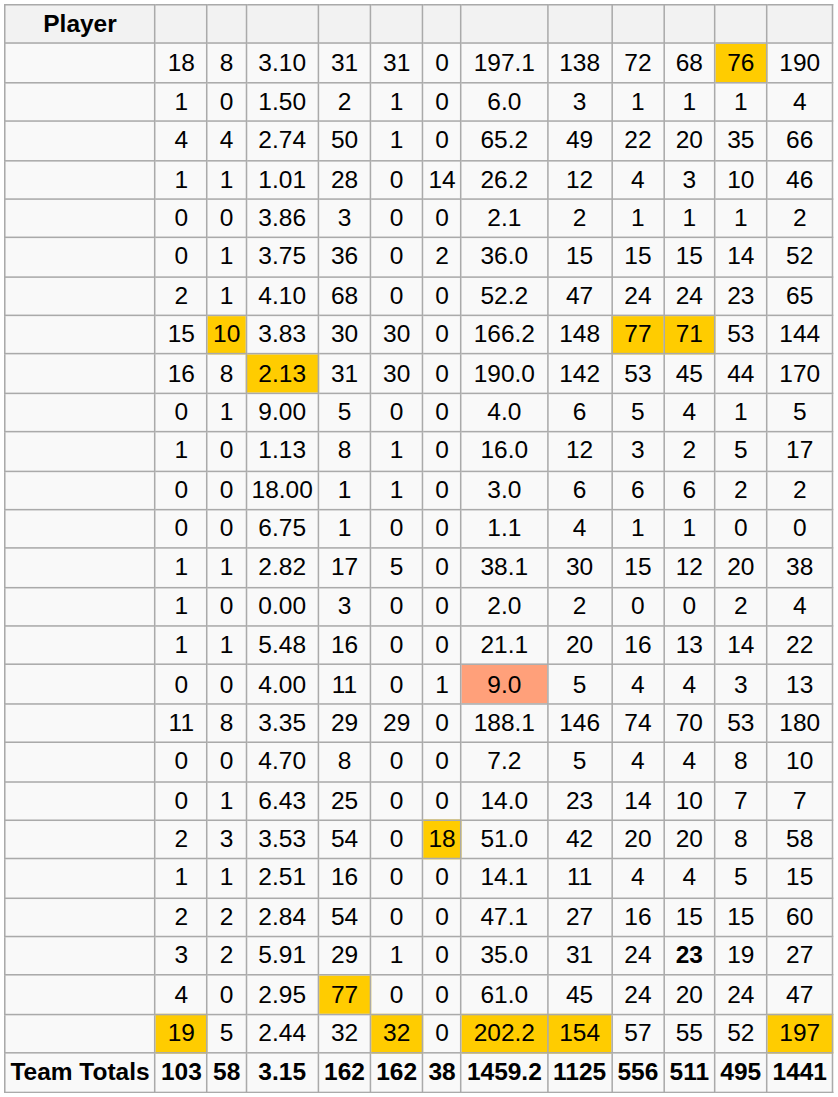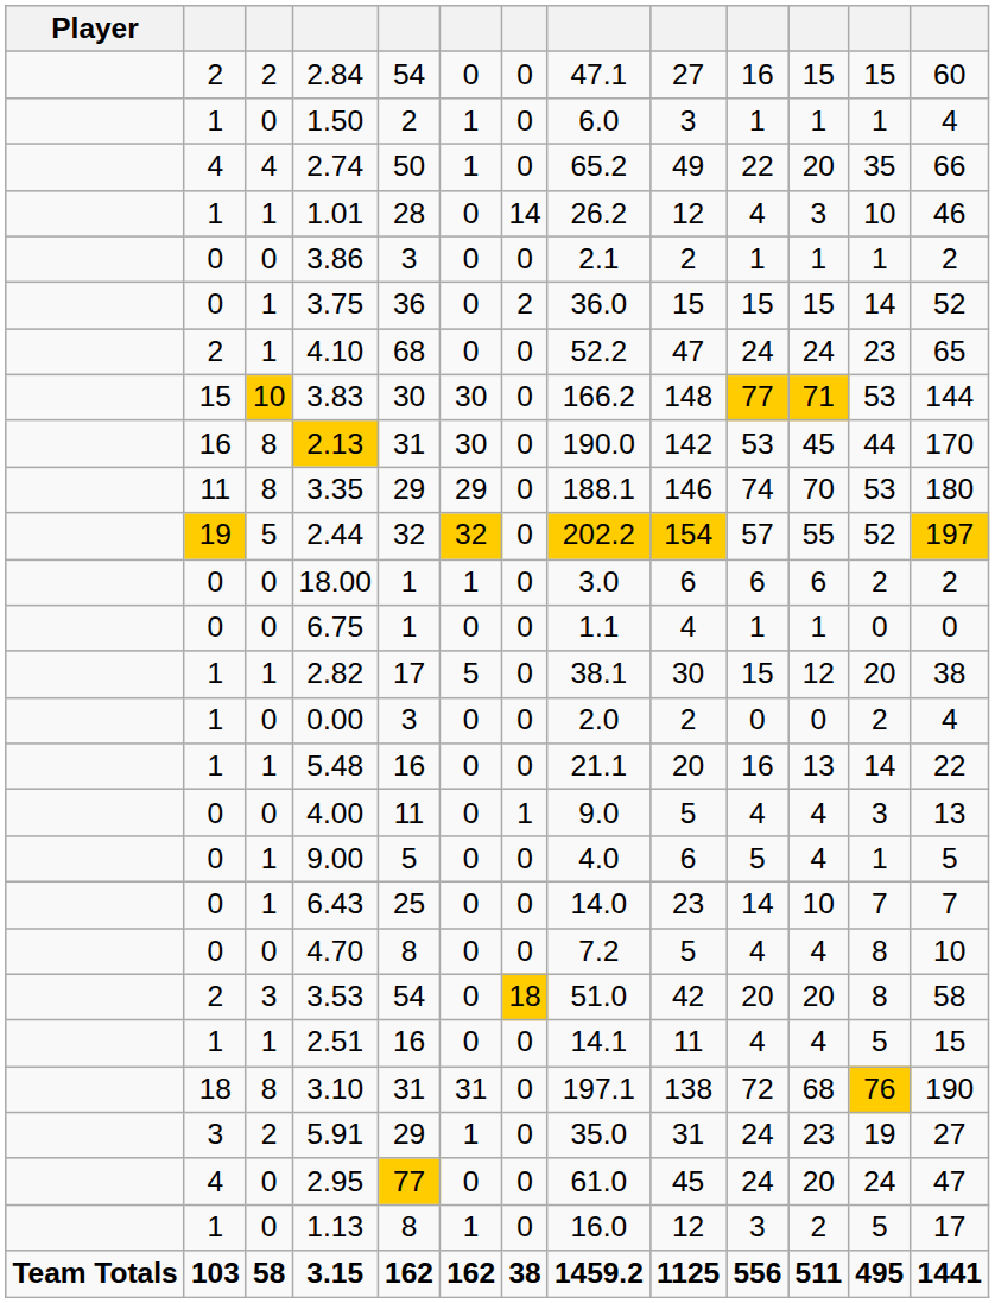 <table class="wikitable sortable" style="text-align:center;">
 <tr>
 <th>Player</th>
 <th></th>
 <th></th>
 <th></th>
 <th></th>
 <th></th>
 <th></th>
 <th></th>
 <th></th>
 <th></th>
 <th></th>
 <th></th>
 <th></th>
 </tr>
 <tr>
 <td align=left></td>
-<td>18</td>
-<td>8</td>
-<td>3.10</td>
-<td>31</td>
-<td>31</td>
+<td>2</td>
+<td>2</td>
+<td>2.84</td>
+<td>54</td>
 <td>0</td>
-<td>197.1</td>
-<td>138</td>
-<td>72</td>
-<td>68</td>
-<td bgcolor=#ffcc00>76</td>
-<td>190</td>
+<td>0</td>
+<td>47.1</td>
+<td>27</td>
+<td>16</td>
+<td>15</td>
+<td>15</td>
+<td>60</td>
 </tr>
 <tr>
 <td align=left></td>
 <td>1</td>
 <td>0</td>
 <td>1.50</td>
 <td>2</td>
 <td>1</td>
 <td>0</td>
 <td>6.0</td>
 <td>3</td>
 <td>1</td>
 <td>1</td>
 <td>1</td>
 <td>4</td>
 </tr>
 <tr>
 <td align=left></td>
 <td>4</td>
 <td>4</td>
 <td>2.74</td>
 <td>50</td>
 <td>1</td>
 <td>0</td>
 <td>65.2</td>
 <td>49</td>
 <td>22</td>
 <td>20</td>
 <td>35</td>
 <td>66</td>
 </tr>
 <tr>
 <td align=left></td>
 <td>1</td>
 <td>1</td>
 <td>1.01</td>
 <td>28</td>
 <td>0</td>
 <td>14</td>
 <td>26.2</td>
 <td>12</td>
 <td>4</td>
 <td>3</td>
 <td>10</td>
 <td>46</td>
 </tr>
 <tr>
 <td align=left></td>
 <td>0</td>
 <td>0</td>
 <td>3.86</td>
 <td>3</td>
 <td>0</td>
 <td>0</td>
 <td>2.1</td>
 <td>2</td>
 <td>1</td>
 <td>1</td>
 <td>1</td>
 <td>2</td>
 </tr>
 <tr>
 <td align=left></td>
 <td>0</td>
 <td>1</td>
 <td>3.75</td>
 <td>36</td>
 <td>0</td>
 <td>2</td>
 <td>36.0</td>
 <td>15</td>
 <td>15</td>
 <td>15</td>
 <td>14</td>
 <td>52</td>
 </tr>
 <tr>
 <td align=left></td>
 <td>2</td>
 <td>1</td>
 <td>4.10</td>
 <td>68</td>
 <td>0</td>
 <td>0</td>
 <td>52.2</td>
 <td>47</td>
 <td>24</td>
 <td>24</td>
 <td>23</td>
 <td>65</td>
 </tr>
 <tr>
 <td align=left></td>
 <td>15</td>
 <td bgcolor=#ffcc00>10</td>
 <td>3.83</td>
 <td>30</td>
 <td>30</td>
 <td>0</td>
 <td>166.2</td>
 <td>148</td>
 <td bgcolor=#ffcc00>77</td>
 <td bgcolor=#ffcc00>71</td>
 <td>53</td>
 <td>144</td>
 </tr>
 <tr>
 <td align=left></td>
 <td>16</td>
 <td>8</td>
 <td bgcolor=#ffcc00>2.13</td>
 <td>31</td>
 <td>30</td>
 <td>0</td>
 <td>190.0</td>
 <td>142</td>
 <td>53</td>
 <td>45</td>
 <td>44</td>
 <td>170</td>
 </tr>
 <tr>
 <td align=left></td>
+<td>11</td>
+<td>8</td>
+<td>3.35</td>
+<td>29</td>
+<td>29</td>
 <td>0</td>
-<td>1</td>
-<td>9.00</td>
-<td>5</td>
-<td>0</td>
-<td>0</td>
-<td>4.0</td>
-<td>6</td>
-<td>5</td>
-<td>4</td>
-<td>1</td>
-<td>5</td>
+<td>188.1</td>
+<td>146</td>
+<td>74</td>
+<td>70</td>
+<td>53</td>
+<td>180</td>
 </tr>
 <tr>
 <td align=left></td>
-<td>1</td>
+<td bgcolor=#ffcc00>19</td>
+<td>5</td>
+<td>2.44</td>
+<td>32</td>
+<td bgcolor=#ffcc00>32</td>
 <td>0</td>
-<td>1.13</td>
-<td>8</td>
-<td>1</td>
-<td>0</td>
-<td>16.0</td>
-<td>12</td>
-<td>3</td>
-<td>2</td>
-<td>5</td>
-<td>17</td>
+<td bgcolor=#ffcc00>202.2</td>
+<td bgcolor=#ffcc00>154</td>
+<td>57</td>
+<td>55</td>
+<td>52</td>
+<td bgcolor=#ffcc00>197</td>
 </tr>
 <tr>
 <td align=left></td>
 <td>0</td>
 <td>0</td>
 <td>18.00</td>
 <td>1</td>
 <td>1</td>
 <td>0</td>
 <td>3.0</td>
 <td>6</td>
 <td>6</td>
 <td>6</td>
 <td>2</td>
 <td>2</td>
 </tr>
 <tr>
 <td align=left></td>
 <td>0</td>
 <td>0</td>
 <td>6.75</td>
 <td>1</td>
 <td>0</td>
 <td>0</td>
 <td>1.1</td>
 <td>4</td>
 <td>1</td>
 <td>1</td>
 <td>0</td>
 <td>0</td>
 </tr>
 <tr>
 <td align=left></td>
 <td>1</td>
 <td>1</td>
 <td>2.82</td>
 <td>17</td>
 <td>5</td>
 <td>0</td>
 <td>38.1</td>
 <td>30</td>
 <td>15</td>
 <td>12</td>
 <td>20</td>
 <td>38</td>
 </tr>
 <tr>
 <td align=left></td>
 <td>1</td>
 <td>0</td>
 <td>0.00</td>
 <td>3</td>
 <td>0</td>
 <td>0</td>
 <td>2.0</td>
 <td>2</td>
 <td>0</td>
 <td>0</td>
 <td>2</td>
 <td>4</td>
 </tr>
 <tr>
 <td align=left></td>
 <td>1</td>
 <td>1</td>
 <td>5.48</td>
 <td>16</td>
 <td>0</td>
 <td>0</td>
 <td>21.1</td>
 <td>20</td>
 <td>16</td>
 <td>13</td>
 <td>14</td>
 <td>22</td>
 </tr>
 <tr>
 <td align=left></td>
 <td>0</td>
 <td>0</td>
 <td>4.00</td>
 <td>11</td>
 <td>0</td>
 <td>1</td>
-<td style="background: lightsalmon;">9.0</td>
+<td>9.0</td>
 <td>5</td>
 <td>4</td>
 <td>4</td>
 <td>3</td>
 <td>13</td>
 </tr>
 <tr>
 <td align=left></td>
-<td>11</td>
-<td>8</td>
-<td>3.35</td>
-<td>29</td>
-<td>29</td>
 <td>0</td>
-<td>188.1</td>
-<td>146</td>
-<td>74</td>
-<td>70</td>
-<td>53</td>
-<td>180</td>
+<td>1</td>
+<td>9.00</td>
+<td>5</td>
+<td>0</td>
+<td>0</td>
+<td>4.0</td>
+<td>6</td>
+<td>5</td>
+<td>4</td>
+<td>1</td>
+<td>5</td>
+</tr>
+<tr>
+<td align=left></td>
+<td>0</td>
+<td>1</td>
+<td>6.43</td>
+<td>25</td>
+<td>0</td>
+<td>0</td>
+<td>14.0</td>
+<td>23</td>
+<td>14</td>
+<td>10</td>
+<td>7</td>
+<td>7</td>
 </tr>
 <tr>
 <td align=left></td>
 <td>0</td>
 <td>0</td>
 <td>4.70</td>
 <td>8</td>
 <td>0</td>
 <td>0</td>
 <td>7.2</td>
 <td>5</td>
 <td>4</td>
 <td>4</td>
 <td>8</td>
 <td>10</td>
-</tr>
-<tr>
-<td align=left></td>
-<td>0</td>
-<td>1</td>
-<td>6.43</td>
-<td>25</td>
-<td>0</td>
-<td>0</td>
-<td>14.0</td>
-<td>23</td>
-<td>14</td>
-<td>10</td>
-<td>7</td>
-<td>7</td>
 </tr>
 <tr>
 <td align=left></td>
 <td>2</td>
 <td>3</td>
 <td>3.53</td>
 <td>54</td>
 <td>0</td>
 <td bgcolor=#ffcc00>18</td>
 <td>51.0</td>
 <td>42</td>
 <td>20</td>
 <td>20</td>
 <td>8</td>
 <td>58</td>
 </tr>
 <tr>
 <td align=left></td>
 <td>1</td>
 <td>1</td>
 <td>2.51</td>
 <td>16</td>
 <td>0</td>
 <td>0</td>
 <td>14.1</td>
 <td>11</td>
 <td>4</td>
 <td>4</td>
 <td>5</td>
 <td>15</td>
 </tr>
 <tr>
 <td align=left></td>
-<td>2</td>
-<td>2</td>
-<td>2.84</td>
-<td>54</td>
+<td>18</td>
+<td>8</td>
+<td>3.10</td>
+<td>31</td>
+<td>31</td>
 <td>0</td>
-<td>0</td>
-<td>47.1</td>
-<td>27</td>
-<td>16</td>
-<td>15</td>
-<td>15</td>
-<td>60</td>
+<td>197.1</td>
+<td>138</td>
+<td>72</td>
+<td>68</td>
+<td bgcolor=#ffcc00>76</td>
+<td>190</td>
 </tr>
 <tr>
 <td align=left></td>
 <td>3</td>
 <td>2</td>
 <td>5.91</td>
 <td>29</td>
 <td>1</td>
 <td>0</td>
 <td>35.0</td>
 <td>31</td>
 <td>24</td>
-<td><strong>23</strong></td>
+<td>23</td>
 <td>19</td>
 <td>27</td>
 </tr>
 <tr>
 <td align=left></td>
 <td>4</td>
 <td>0</td>
 <td>2.95</td>
 <td bgcolor=#ffcc00>77</td>
 <td>0</td>
 <td>0</td>
 <td>61.0</td>
 <td>45</td>
 <td>24</td>
 <td>20</td>
 <td>24</td>
 <td>47</td>
 </tr>
 <tr>
 <td align=left></td>
-<td bgcolor=#ffcc00>19</td>
+<td>1</td>
+<td>0</td>
+<td>1.13</td>
+<td>8</td>
+<td>1</td>
+<td>0</td>
+<td>16.0</td>
+<td>12</td>
+<td>3</td>
+<td>2</td>
 <td>5</td>
-<td>2.44</td>
-<td>32</td>
-<td bgcolor=#ffcc00>32</td>
-<td>0</td>
-<td bgcolor=#ffcc00>202.2</td>
-<td bgcolor=#ffcc00>154</td>
-<td>57</td>
-<td>55</td>
-<td>52</td>
-<td bgcolor=#ffcc00>197</td>
+<td>17</td>
 </tr>
 <tr>
 <td align=left><strong>Team Totals</strong></td>
 <td><strong>103</strong></td>
 <td><strong>58</strong></td>
 <td><strong>3.15</strong></td>
 <td><strong>162</strong></td>
 <td><strong>162</strong></td>
 <td><strong>38</strong></td>
 <td><strong>1459.2</strong></td>
 <td><strong>1125</strong></td>
 <td><strong>556</strong></td>
 <td><strong>511</strong></td>
 <td><strong>495</strong></td>
 <td><strong>1441</strong></td>
 </tr>
 <tr class=="sortbottom">
 </tr>
 </table>
